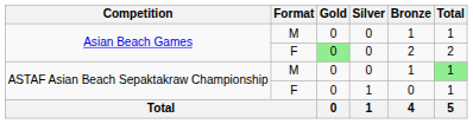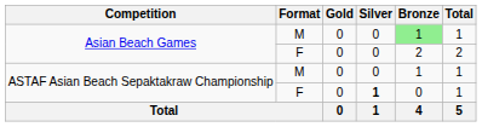 <table class="wikitable sortable" style="text-align:center">
 <tr>
 <th>Competition</th>
 <th>Format</th>
 <th>Gold</th>
 <th>Silver</th>
 <th>Bronze</th>
 <th>Total</th>
 </tr>
 <tr>
 <td rowspan=2><a href='#'>Asian Beach Games</a></td>
 <td>M</td>
 <td>0</td>
 <td>0</td>
-<td>1</td>
+<td style="background: lightgreen;">1</td>
 <td>1</td>
 </tr>
 <tr>
 <td>F</td>
-<td style="background: lightgreen;">0</td>
+<td>0</td>
 <td>0</td>
 <td>2</td>
 <td>2</td>
 </tr>
 <tr>
 <td rowspan=2>ASTAF Asian Beach Sepaktakraw Championship</td>
 <td>M</td>
 <td>0</td>
 <td>0</td>
 <td>1</td>
-<td style="background: lightgreen;">1</td>
+<td>1</td>
 </tr>
 <tr>
 <td>F</td>
 <td>0</td>
-<td>1</td>
+<td><strong>1</strong></td>
 <td>0</td>
 <td>1</td>
 </tr>
 <tr>
 <th colspan=2>Total</th>
 <th>0</th>
 <th>1</th>
 <th>4</th>
 <th>5</th>
 </tr>
 </table>
